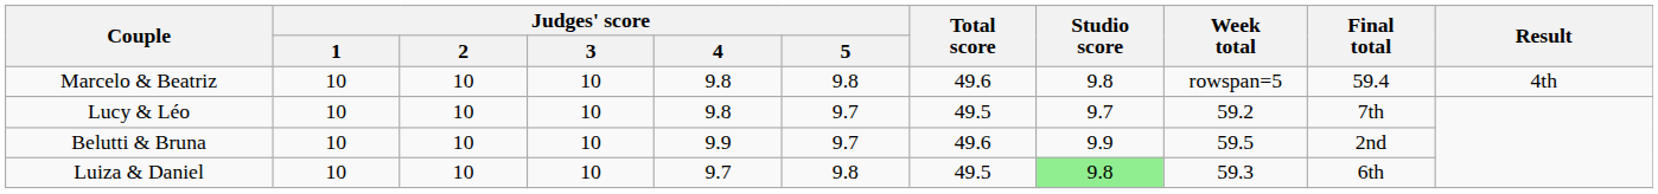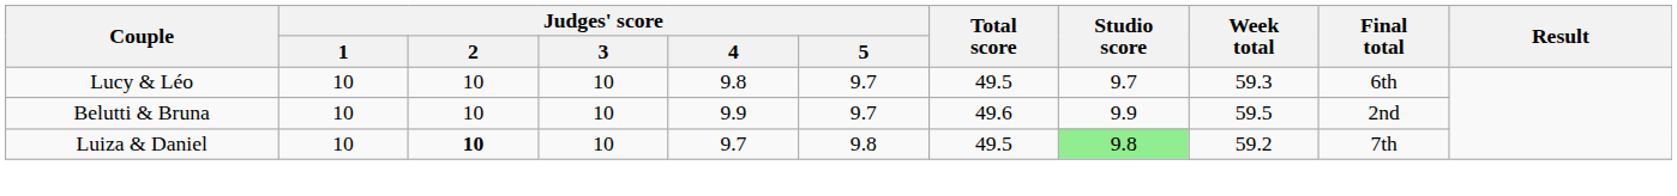 <table class="wikitable" style="font-size:100%; line-height:16px; text-align:center" width="100%">
 <tr>
 <th rowspan=2 width="11.00%">Couple</th>
 <th colspan=5>Judges' score</th>
 <th rowspan=2 width="05.25%">Total<br>score</th>
 <th rowspan=2 width="05.25%">Studio<br>score</th>
 <th rowspan=2 width="05.25%">Week<br>total</th>
 <th rowspan=2 width="05.25%">Final<br>total</th>
 <th rowspan=2 width="09.00%">Result<br></th>
 </tr>
 <tr>
 <th width="05.25%">1</th>
 <th width="05.25%">2</th>
 <th width="05.25%">3</th>
 <th width="05.25%">4</th>
 <th width="05.25%">5</th>
 </tr>
 <tr>
-<td>Marcelo & Beatriz</td>
-<td>10</td>
-<td>10</td>
-<td>10</td>
-<td>9.8</td>
-<td>9.8</td>
-<td>49.6</td>
-<td>9.8</td>
-<td>rowspan=5 </td>
-<td>59.4</td>
-<td>4th</td>
-</tr>
-<tr>
 <td>Lucy & Léo</td>
 <td>10</td>
 <td>10</td>
 <td>10</td>
 <td>9.8</td>
 <td>9.7</td>
 <td>49.5</td>
 <td>9.7</td>
-<td>59.2</td>
-<td>7th</td>
+<td>59.3</td>
+<td>6th</td>
 </tr>
 <tr>
 <td>Belutti & Bruna</td>
 <td>10</td>
 <td>10</td>
 <td>10</td>
 <td>9.9</td>
 <td>9.7</td>
 <td>49.6</td>
 <td>9.9</td>
 <td>59.5</td>
 <td>2nd</td>
 </tr>
 <tr>
 <td>Luiza & Daniel</td>
 <td>10</td>
-<td>10</td>
+<td><strong>10</strong></td>
 <td>10</td>
 <td>9.7</td>
 <td>9.8</td>
 <td>49.5</td>
 <td style="background: lightgreen;">9.8</td>
-<td>59.3</td>
-<td>6th</td>
+<td>59.2</td>
+<td>7th</td>
 </tr>
 </table>
